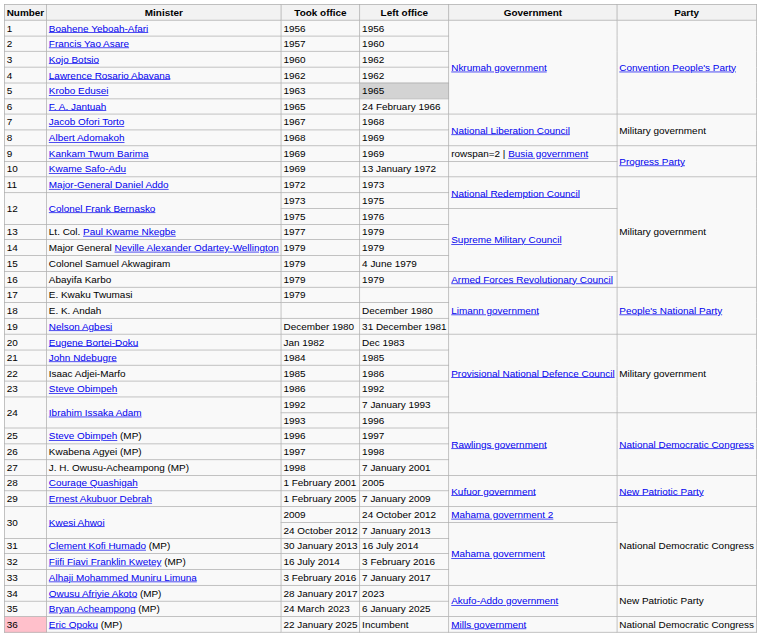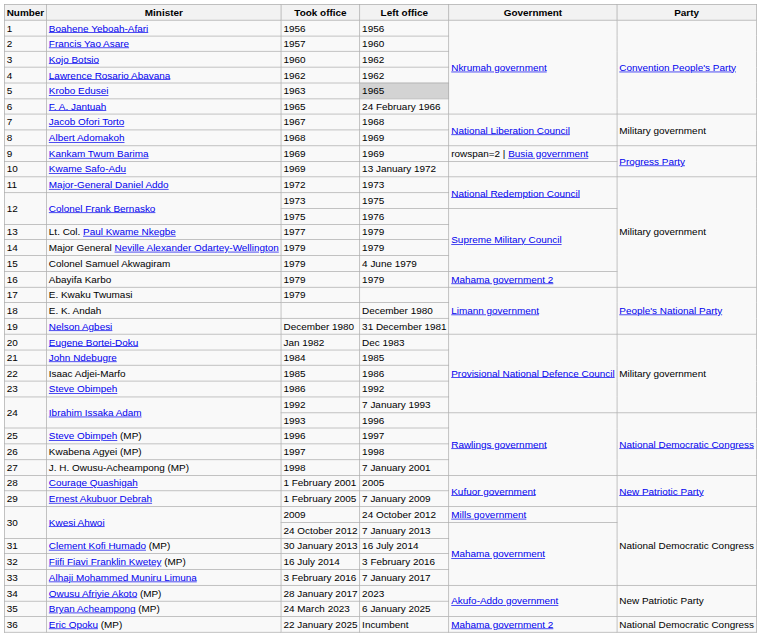 <table class="wikitable" style="font-size:90%; text-align:left;">
 <tr bgcolor=cccccc>
 <th>Number</th>
 <th>Minister</th>
 <th>Took office</th>
 <th>Left office</th>
 <th>Government</th>
 <th>Party</th>
 </tr>
 <tr>
 <td>1</td>
 <td><a href='#'>Boahene Yeboah-Afari</a></td>
 <td>1956</td>
 <td>1956</td>
 <td rowspan=6><a href='#'>Nkrumah government</a></td>
 <td rowspan=6><a href='#'>Convention People's Party</a></td>
 </tr>
 <tr>
 <td>2</td>
 <td><a href='#'>Francis Yao Asare</a></td>
 <td>1957</td>
 <td>1960</td>
 </tr>
 <tr>
 <td>3</td>
 <td><a href='#'>Kojo Botsio</a></td>
 <td>1960</td>
 <td>1962</td>
 </tr>
 <tr>
 <td>4</td>
 <td><a href='#'>Lawrence Rosario Abavana</a></td>
 <td>1962</td>
 <td>1962</td>
 </tr>
 <tr>
 <td>5</td>
 <td><a href='#'>Krobo Edusei</a></td>
 <td>1963</td>
 <td style="background: lightgrey;">1965</td>
 </tr>
 <tr>
 <td>6</td>
 <td><a href='#'>F. A. Jantuah</a></td>
 <td>1965</td>
 <td>24 February 1966</td>
 </tr>
 <tr>
 <td>7</td>
 <td><a href='#'>Jacob Ofori Torto</a></td>
 <td>1967</td>
 <td>1968</td>
 <td rowspan=2><a href='#'>National Liberation Council</a></td>
 <td rowspan=2>Military government</td>
 </tr>
 <tr>
 <td>8</td>
 <td><a href='#'>Albert Adomakoh</a></td>
 <td>1968</td>
 <td>1969</td>
 </tr>
 <tr>
 <td>9</td>
 <td><a href='#'>Kankam Twum Barima</a></td>
 <td>1969</td>
 <td>1969</td>
 <td>rowspan=2 | <a href='#'>Busia government</a></td>
 <td rowspan=2><a href='#'>Progress Party</a></td>
 </tr>
 <tr>
 <td>10</td>
 <td><a href='#'>Kwame Safo-Adu</a></td>
 <td>1969</td>
 <td>13 January 1972</td>
 </tr>
 <tr>
 <td>11</td>
 <td><a href='#'>Major-General Daniel Addo</a></td>
 <td>1972</td>
 <td>1973</td>
 <td rowspan=2><a href='#'>National Redemption Council</a></td>
 <td rowspan=7>Military government</td>
 </tr>
 <tr>
 <td rowspan=2>12</td>
 <td rowspan=2><a href='#'>Colonel Frank Bernasko</a></td>
 <td>1973</td>
 <td>1975</td>
 </tr>
 <tr>
 <td>1975</td>
 <td>1976</td>
 <td rowspan=4><a href='#'>Supreme Military Council</a></td>
 </tr>
 <tr>
 <td>13</td>
 <td>Lt. Col. <a href='#'>Paul Kwame Nkegbe</a></td>
 <td>1977</td>
 <td>1979</td>
 </tr>
 <tr>
 <td>14</td>
 <td>Major General <a href='#'>Neville Alexander Odartey-Wellington</a></td>
 <td>1979</td>
 <td>1979</td>
 </tr>
 <tr>
 <td>15</td>
 <td>Colonel Samuel Akwagiram</td>
 <td>1979</td>
 <td>4 June 1979</td>
 </tr>
 <tr>
 <td>16</td>
 <td>Abayifa Karbo</td>
 <td>1979</td>
 <td>1979</td>
-<td><a href='#'>Armed Forces Revolutionary Council</a></td>
+<td><a href='#'>Mahama government 2</a></td>
 </tr>
 <tr>
 <td>17</td>
 <td>E. Kwaku Twumasi</td>
 <td>1979</td>
 <td></td>
 <td rowspan=3><a href='#'>Limann government</a></td>
 <td rowspan=3><a href='#'>People's National Party</a></td>
 </tr>
 <tr>
 <td>18</td>
 <td>E. K. Andah</td>
 <td></td>
 <td>December 1980</td>
 </tr>
 <tr>
 <td>19</td>
 <td><a href='#'>Nelson Agbesi</a></td>
 <td>December 1980</td>
 <td>31 December 1981</td>
 </tr>
 <tr>
 <td>20</td>
 <td><a href='#'>Eugene Bortei-Doku</a></td>
 <td>Jan 1982</td>
 <td>Dec 1983</td>
 <td rowspan=5><a href='#'>Provisional National Defence Council</a></td>
 <td rowspan=5>Military government</td>
 </tr>
 <tr>
 <td>21</td>
 <td><a href='#'>John Ndebugre</a></td>
 <td>1984</td>
 <td>1985</td>
 </tr>
 <tr>
 <td>22</td>
 <td>Isaac Adjei-Marfo</td>
 <td>1985</td>
 <td>1986</td>
 </tr>
 <tr>
 <td>23</td>
 <td><a href='#'>Steve Obimpeh</a></td>
 <td>1986</td>
 <td>1992</td>
 </tr>
 <tr>
 <td rowspan=2>24</td>
 <td rowspan=2><a href='#'>Ibrahim Issaka Adam</a></td>
 <td>1992</td>
 <td>7 January 1993</td>
 </tr>
 <tr>
 <td>1993</td>
 <td>1996</td>
 <td rowspan=4><a href='#'>Rawlings government</a></td>
 <td rowspan=4><a href='#'>National Democratic Congress</a></td>
 </tr>
 <tr>
 <td>25</td>
 <td><a href='#'>Steve Obimpeh</a> (MP)</td>
 <td>1996</td>
 <td>1997</td>
 </tr>
 <tr>
 <td>26</td>
 <td>Kwabena Agyei (MP)</td>
 <td>1997</td>
 <td>1998</td>
 </tr>
 <tr>
 <td>27</td>
 <td>J. H. Owusu-Acheampong (MP)</td>
 <td>1998</td>
 <td>7 January 2001</td>
 </tr>
 <tr>
 <td>28</td>
 <td><a href='#'>Courage Quashigah</a></td>
 <td>1 February 2001</td>
 <td>2005</td>
 <td rowspan=2><a href='#'>Kufuor government</a></td>
 <td rowspan=2><a href='#'>New Patriotic Party</a></td>
 </tr>
 <tr>
 <td>29</td>
 <td><a href='#'>Ernest Akubuor Debrah</a></td>
 <td>1 February 2005</td>
 <td>7 January 2009</td>
 </tr>
 <tr>
 <td rowspan=2>30</td>
 <td rowspan=2><a href='#'>Kwesi Ahwoi</a></td>
 <td>2009</td>
 <td>24 October 2012</td>
-<td><a href='#'>Mahama government 2</a></td>
+<td><a href='#'>Mills government</a></td>
 <td rowspan=5>National Democratic Congress</td>
 </tr>
 <tr>
 <td>24 October 2012</td>
 <td>7 January 2013</td>
 <td rowspan=4><a href='#'>Mahama government</a></td>
 </tr>
 <tr>
 <td>31</td>
 <td><a href='#'>Clement Kofi Humado</a> (MP)</td>
 <td>30 January 2013</td>
 <td>16 July 2014</td>
 </tr>
 <tr>
 <td>32</td>
 <td><a href='#'>Fiifi Fiavi Franklin Kwetey</a> (MP)</td>
 <td>16 July 2014</td>
 <td>3 February 2016</td>
 </tr>
 <tr>
 <td>33</td>
 <td><a href='#'>Alhaji Mohammed Muniru Limuna</a></td>
 <td>3 February 2016</td>
 <td>7 January 2017</td>
 </tr>
 <tr>
 <td>34</td>
 <td><a href='#'>Owusu Afriyie Akoto</a> (MP)</td>
 <td>28 January 2017</td>
 <td>2023</td>
 <td rowspan=2><a href='#'>Akufo-Addo government</a></td>
 <td rowspan=2>New Patriotic Party</td>
 </tr>
 <tr>
 <td>35</td>
 <td><a href='#'>Bryan Acheampong</a> (MP)</td>
 <td>24 March 2023</td>
 <td>6 January 2025</td>
 </tr>
 <tr>
-<td style="background: pink;">36</td>
+<td>36</td>
 <td><a href='#'>Eric Opoku</a> (MP)</td>
 <td>22 January 2025</td>
 <td>Incumbent</td>
-<td><a href='#'>Mills government</a></td>
+<td><a href='#'>Mahama government 2</a></td>
 <td>National Democratic Congress</td>
 </tr>
 </table>
